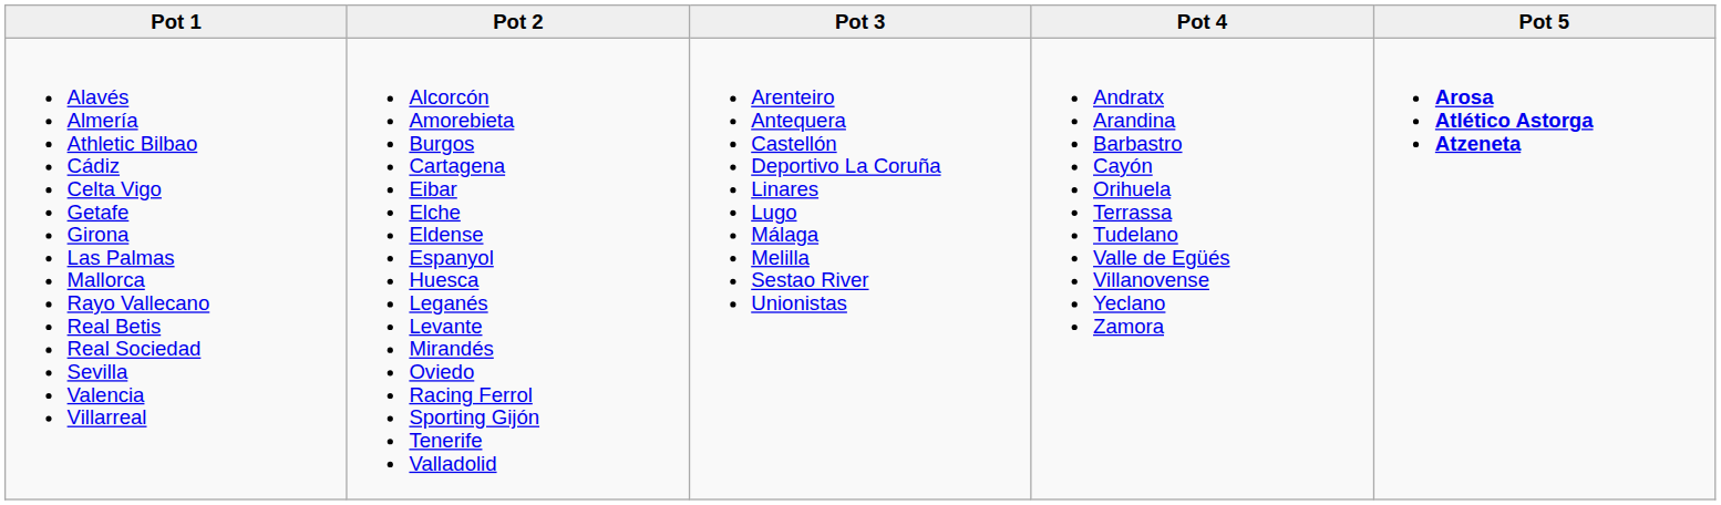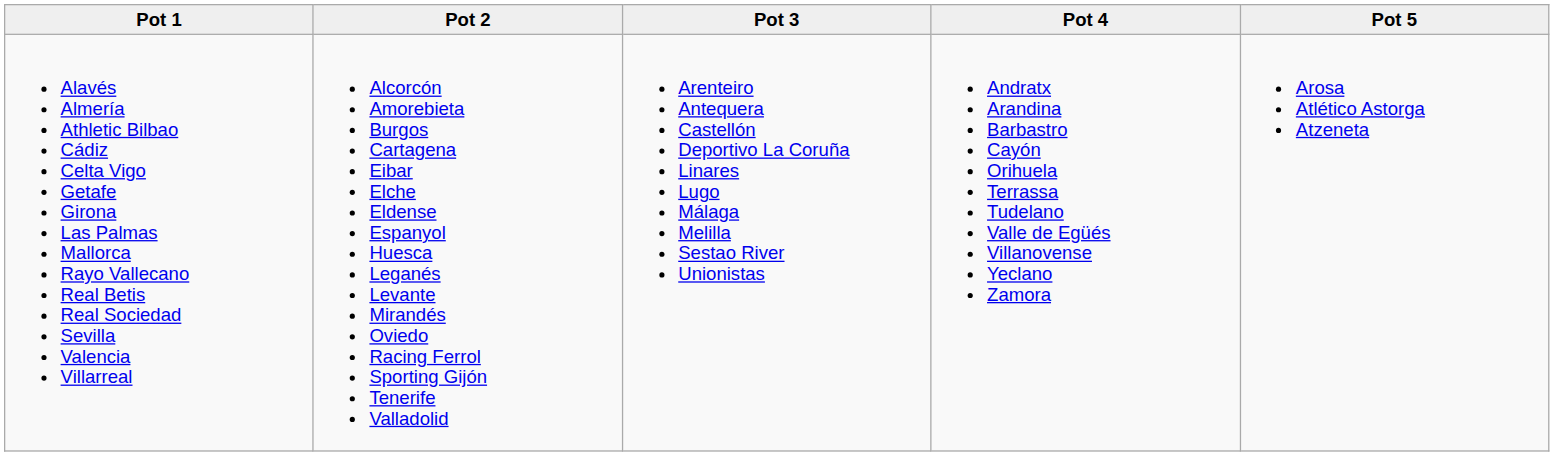 <table class="wikitable" style="font-size:90%">
 <tr bgcolor=#efefef align=center>
 <td width=15%><strong>Pot 1</strong><br></td>
 <td width=15%><strong>Pot 2</strong><br></td>
 <td width=15%><strong>Pot 3</strong><br></td>
 <td width=15%><strong>Pot 4</strong><br></td>
 <td width=15%><strong>Pot 5</strong><br></td>
 </tr>
 <tr valign=top>
 <td><br><ul><li><a href='#'>Alavés</a></li><li><a href='#'>Almería</a></li><li><a href='#'>Athletic Bilbao</a></li><li><a href='#'>Cádiz</a></li><li><a href='#'>Celta Vigo</a></li><li><a href='#'>Getafe</a></li><li><a href='#'>Girona</a></li><li><a href='#'>Las Palmas</a></li><li><a href='#'>Mallorca</a></li><li><a href='#'>Rayo Vallecano</a></li><li><a href='#'>Real Betis</a></li><li><a href='#'>Real Sociedad</a></li><li><a href='#'>Sevilla</a></li><li><a href='#'>Valencia</a></li><li><a href='#'>Villarreal</a></li></ul></td>
 <td><br><ul><li><a href='#'>Alcorcón</a></li><li><a href='#'>Amorebieta</a></li><li><a href='#'>Burgos</a></li><li><a href='#'>Cartagena</a></li><li><a href='#'>Eibar</a></li><li><a href='#'>Elche</a></li><li><a href='#'>Eldense</a></li><li><a href='#'>Espanyol</a></li><li><a href='#'>Huesca</a></li><li><a href='#'>Leganés</a></li><li><a href='#'>Levante</a></li><li><a href='#'>Mirandés</a></li><li><a href='#'>Oviedo</a></li><li><a href='#'>Racing Ferrol</a></li><li><a href='#'>Sporting Gijón</a></li><li><a href='#'>Tenerife</a></li><li><a href='#'>Valladolid</a></li></ul></td>
 <td><br><ul><li><a href='#'>Arenteiro</a></li><li><a href='#'>Antequera</a></li><li><a href='#'>Castellón</a></li><li><a href='#'>Deportivo La Coruña</a></li><li><a href='#'>Linares</a></li><li><a href='#'>Lugo</a></li><li><a href='#'>Málaga</a></li><li><a href='#'>Melilla</a></li><li><a href='#'>Sestao River</a></li><li><a href='#'>Unionistas</a></li></ul></td>
 <td><br><ul><li><a href='#'>Andratx</a></li><li><a href='#'>Arandina</a></li><li><a href='#'>Barbastro</a></li><li><a href='#'>Cayón</a></li><li><a href='#'>Orihuela</a></li><li><a href='#'>Terrassa</a></li><li><a href='#'>Tudelano</a></li><li><a href='#'>Valle de Egüés</a></li><li><a href='#'>Villanovense</a></li><li><a href='#'>Yeclano</a></li><li><a href='#'>Zamora</a></li></ul></td>
-<td><strong><br><ul><li><a href='#'>Arosa</a></li><li><a href='#'>Atlético Astorga</a></li><li><a href='#'>Atzeneta</a></li></ul></strong></td>
+<td><br><ul><li><a href='#'>Arosa</a></li><li><a href='#'>Atlético Astorga</a></li><li><a href='#'>Atzeneta</a></li></ul></td>
 </tr>
 </table>
